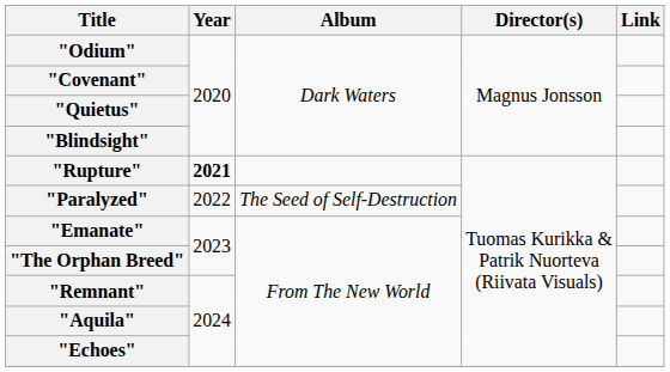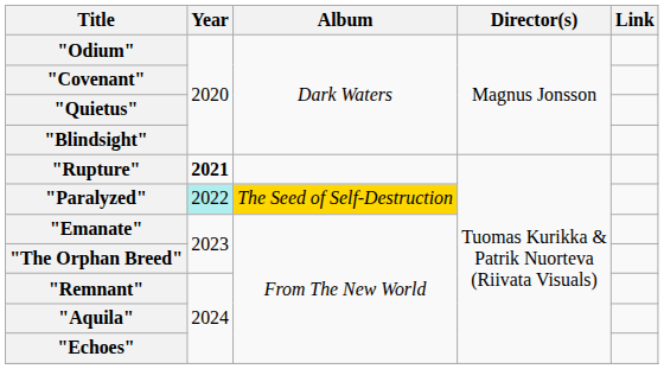 <table class="wikitable plainrowheaders" style="text-align:center;">
 <tr>
 <th scope="col">Title</th>
 <th scope="col">Year</th>
 <th scope="col">Album</th>
 <th scope="col">Director(s)</th>
 <th scope="col">Link</th>
 </tr>
 <tr>
 <th scope="row">"Odium"</th>
 <td rowspan="4">2020</td>
 <td rowspan="4"><em>Dark Waters</em></td>
 <td rowspan="4">Magnus Jonsson</td>
 <td></td>
 </tr>
 <tr>
 <th scope="row">"Covenant"</th>
 <td></td>
 </tr>
 <tr>
 <th scope="row">"Quietus"</th>
 <td></td>
 </tr>
 <tr>
 <th scope="row">"Blindsight"</th>
 <td></td>
 </tr>
 <tr>
 <th scope="row">"Rupture"</th>
 <td><strong>2021</strong></td>
 <td></td>
 <td rowspan="7">Tuomas Kurikka &<br>Patrik Nuorteva<br>(Riivata Visuals)</td>
 <td></td>
 </tr>
 <tr>
 <th scope="row">"Paralyzed"</th>
-<td>2022</td>
-<td><em>The Seed of Self-Destruction</em></td>
+<td style="background: paleturquoise;">2022</td>
+<td style="background: gold;"><em>The Seed of Self-Destruction</em></td>
 <td></td>
 </tr>
 <tr>
 <th scope="row">"Emanate"</th>
 <td rowspan="2">2023</td>
 <td rowspan="5"><em>From The New World</em></td>
 <td></td>
 </tr>
 <tr>
 <th scope="row">"The Orphan Breed"</th>
 <td></td>
 </tr>
 <tr>
 <th scope="row">"Remnant"</th>
 <td rowspan="3">2024</td>
 <td></td>
 </tr>
 <tr>
 <th scope="row">"Aquila"</th>
 <td></td>
 </tr>
 <tr>
 <th scope="row">"Echoes"</th>
 <td></td>
 </tr>
 <tr>
 </tr>
 </table>
